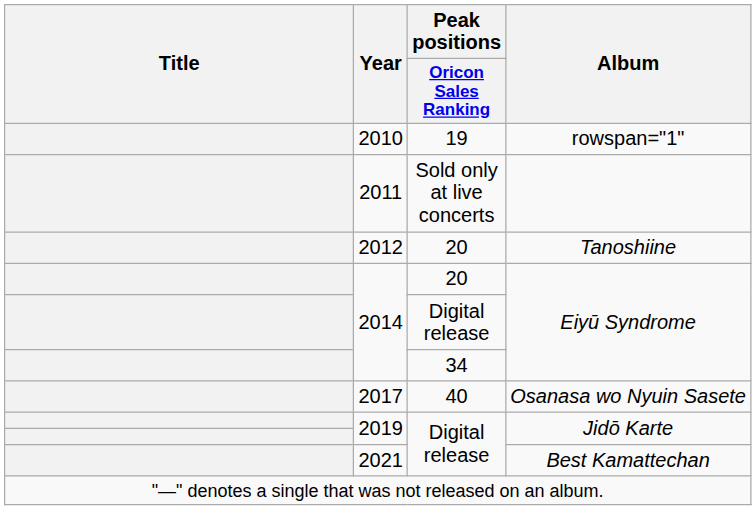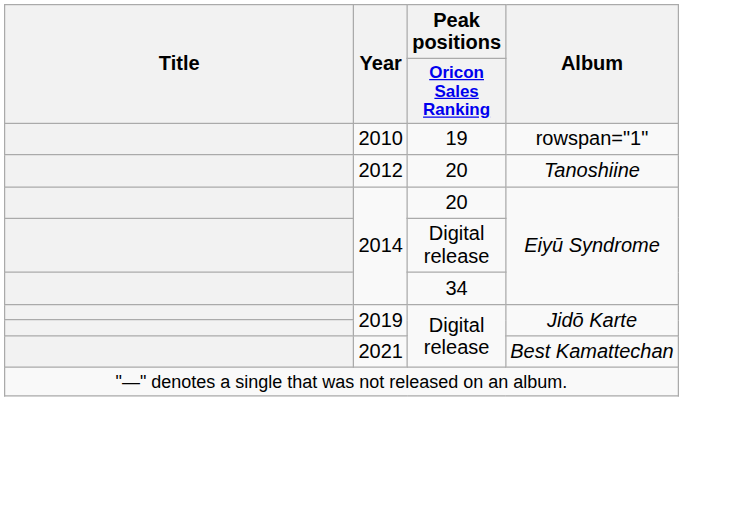 <table class="wikitable plainrowheaders" style="text-align:center;">
 <tr>
 <th scope="col" rowspan="2" style="width:17em;">Title</th>
 <th scope="col" rowspan="2">Year</th>
 <th scope="col" colspan="1">Peak positions</th>
 <th scope="col" rowspan="2">Album</th>
 </tr>
 <tr>
 <th style="width:3em;font-size:85%"><a href='#'>Oricon Sales Ranking</a></th>
 </tr>
 <tr>
 <th scope="row"></th>
 <td rowspan="1">2010</td>
 <td>19</td>
 <td>rowspan="1" </td>
-</tr>
-<tr>
-<th scope="row"></th>
-<td rowspan="1">2011</td>
-<td>Sold only at live concerts</td>
-<td></td>
 </tr>
 <tr>
 <th scope="row"></th>
 <td rowspan="1">2012</td>
 <td>20</td>
 <td rowspan="1"><em>Tanoshiine</em></td>
 </tr>
 <tr>
 <th scope="row"></th>
 <td rowspan="3">2014</td>
 <td>20</td>
 <td rowspan="3"><em>Eiyū Syndrome</em></td>
 </tr>
 <tr>
 <th scope="row"></th>
 <td>Digital release</td>
 </tr>
 <tr>
 <th scope="row"></th>
 <td>34</td>
 </tr>
 <tr>
 <th scope="row"></th>
-<td rowspan="1">2017</td>
-<td>40</td>
-<td rowspan="1"><em>Osanasa wo Nyuin Sasete</em></td>
-</tr>
-<tr>
-<th scope="row"></th>
 <td rowspan="2">2019</td>
 <td rowspan="3">Digital release</td>
 <td rowspan="2"><em>Jidō Karte</em></td>
 </tr>
 <tr>
 <th scope="row"></th>
 </tr>
 <tr>
 <th scope="row"></th>
 <td rowspan="1">2021</td>
 <td><em>Best Kamattechan</em></td>
 </tr>
 <tr>
 <td colspan="4" style="font-size:90%">"—" denotes a single that was not released on an album.</td>
 </tr>
 </table>
